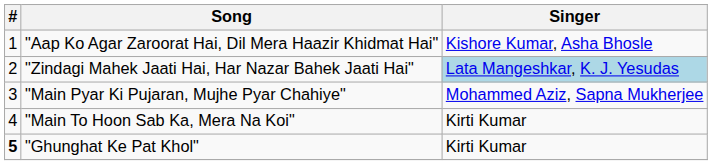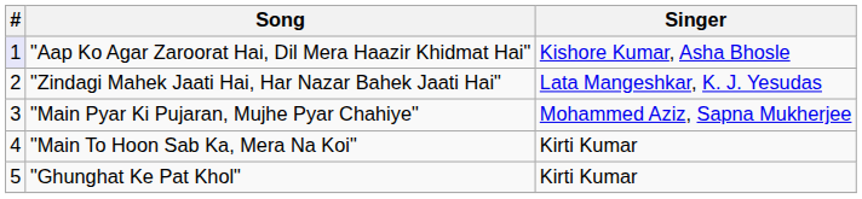 <table class="wikitable">
 <tr>
 <th>#</th>
 <th>Song</th>
 <th>Singer</th>
 </tr>
 <tr>
-<td>1</td>
+<td style="background: lavender;">1</td>
 <td>"Aap Ko Agar Zaroorat Hai, Dil Mera Haazir Khidmat Hai"</td>
 <td><a href='#'>Kishore Kumar</a>, <a href='#'>Asha Bhosle</a></td>
 </tr>
 <tr>
 <td>2</td>
 <td>"Zindagi Mahek Jaati Hai, Har Nazar Bahek Jaati Hai"</td>
-<td style="background: lightblue;"><a href='#'>Lata Mangeshkar</a>, <a href='#'>K. J. Yesudas</a></td>
+<td><a href='#'>Lata Mangeshkar</a>, <a href='#'>K. J. Yesudas</a></td>
 </tr>
 <tr>
 <td>3</td>
 <td>"Main Pyar Ki Pujaran, Mujhe Pyar Chahiye"</td>
 <td><a href='#'>Mohammed Aziz</a>, <a href='#'>Sapna Mukherjee</a></td>
 </tr>
 <tr>
 <td>4</td>
 <td>"Main To Hoon Sab Ka, Mera Na Koi"</td>
 <td>Kirti Kumar</td>
 </tr>
 <tr>
-<td><strong>5</strong></td>
+<td>5</td>
 <td>"Ghunghat Ke Pat Khol"</td>
 <td>Kirti Kumar</td>
 </tr>
 <tr>
 </tr>
 </table>
